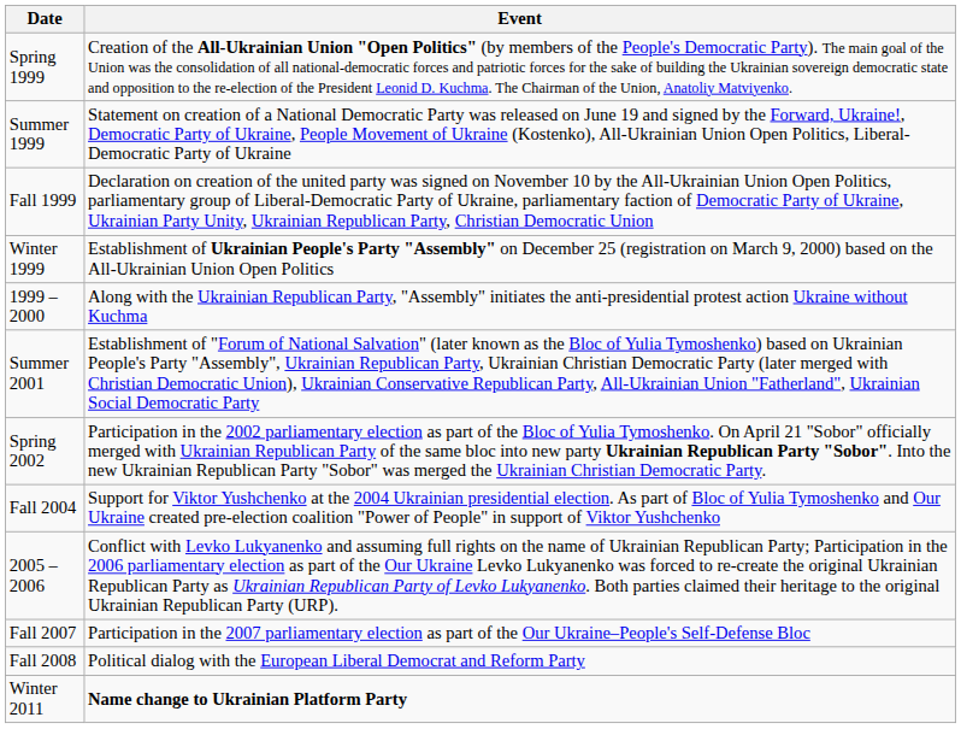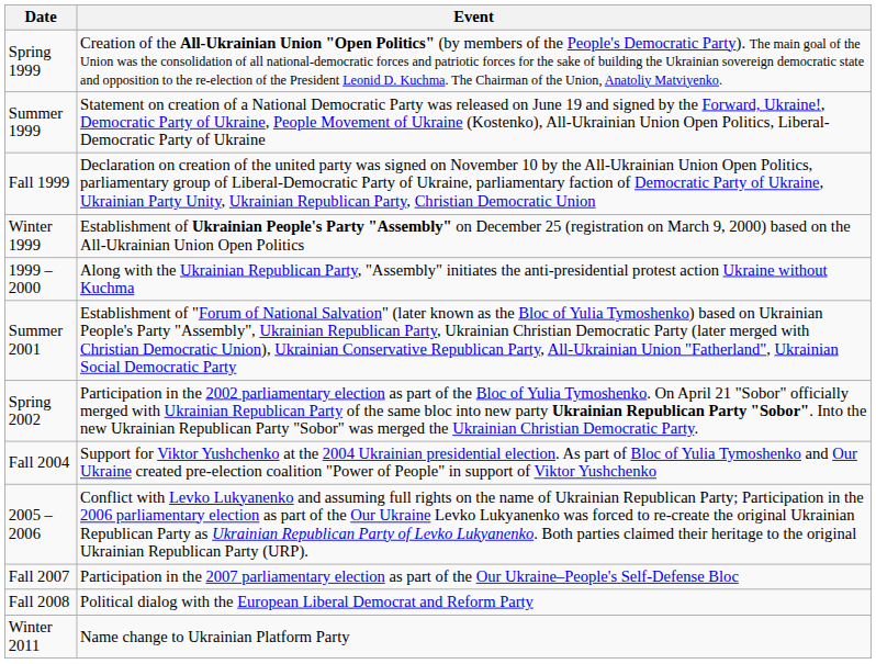 <table class="wikitable">
 <tr>
 <th>Date</th>
 <th>Event</th>
 </tr>
 <tr>
 <td>Spring 1999</td>
 <td>Creation of the <strong>All-Ukrainian Union "Open Politics"</strong> (by members of the <a href='#'>People's Democratic Party</a>). <small>The main goal of the Union was the consolidation of all national-democratic forces and patriotic forces for the sake of building the Ukrainian sovereign democratic state and opposition to the re-election of the President <a href='#'>Leonid D. Kuchma</a>. The Chairman of the Union, <a href='#'>Anatoliy Matviyenko</a>.</small></td>
 </tr>
 <tr>
 <td>Summer 1999</td>
 <td>Statement on creation of a National Democratic Party was released on June 19 and signed by the <a href='#'>Forward, Ukraine!</a>, <a href='#'>Democratic Party of Ukraine</a>, <a href='#'>People Movement of Ukraine</a> (Kostenko), All-Ukrainian Union Open Politics, Liberal-Democratic Party of Ukraine</td>
 </tr>
 <tr>
 <td>Fall 1999</td>
 <td>Declaration on creation of the united party was signed on November 10 by the All-Ukrainian Union Open Politics, parliamentary group of Liberal-Democratic Party of Ukraine, parliamentary faction of <a href='#'>Democratic Party of Ukraine</a>, <a href='#'>Ukrainian Party Unity</a>, <a href='#'>Ukrainian Republican Party</a>, <a href='#'>Christian Democratic Union</a></td>
 </tr>
 <tr>
 <td>Winter 1999</td>
 <td>Establishment of <strong>Ukrainian People's Party "Assembly"</strong> on December 25 (registration on March 9, 2000) based on the All-Ukrainian Union Open Politics</td>
 </tr>
 <tr>
 <td>1999 – 2000</td>
 <td>Along with the <a href='#'>Ukrainian Republican Party</a>, "Assembly" initiates the anti-presidential protest action <a href='#'>Ukraine without Kuchma</a></td>
 </tr>
 <tr>
 <td>Summer 2001</td>
 <td>Establishment of "<a href='#'>Forum of National Salvation</a>" (later known as the <a href='#'>Bloc of Yulia Tymoshenko</a>) based on Ukrainian People's Party "Assembly", <a href='#'>Ukrainian Republican Party</a>, Ukrainian Christian Democratic Party (later merged with <a href='#'>Christian Democratic Union</a>), <a href='#'>Ukrainian Conservative Republican Party</a>, <a href='#'>All-Ukrainian Union "Fatherland"</a>, <a href='#'>Ukrainian Social Democratic Party</a></td>
 </tr>
 <tr>
 <td>Spring 2002</td>
 <td>Participation in the <a href='#'>2002 parliamentary election</a> as part of the <a href='#'>Bloc of Yulia Tymoshenko</a>. On April 21 "Sobor" officially merged with <a href='#'>Ukrainian Republican Party</a> of the same bloc into new party <strong>Ukrainian Republican Party "Sobor"</strong>. Into the new Ukrainian Republican Party "Sobor" was merged the <a href='#'>Ukrainian Christian Democratic Party</a>.</td>
 </tr>
 <tr>
 <td>Fall 2004</td>
 <td>Support for <a href='#'>Viktor Yushchenko</a> at the <a href='#'>2004 Ukrainian presidential election</a>. As part of <a href='#'>Bloc of Yulia Tymoshenko</a> and <a href='#'>Our Ukraine</a> created pre-election coalition "Power of People" in support of <a href='#'>Viktor Yushchenko</a></td>
 </tr>
 <tr>
 <td>2005 – 2006</td>
 <td>Conflict with <a href='#'>Levko Lukyanenko</a> and assuming full rights on the name of Ukrainian Republican Party; Participation in the <a href='#'>2006 parliamentary election</a> as part of the <a href='#'>Our Ukraine</a> Levko Lukyanenko was forced to re-create the original Ukrainian Republican Party as <em><a href='#'>Ukrainian Republican Party of Levko Lukyanenko</a></em>. Both parties claimed their heritage to the original Ukrainian Republican Party (URP).</td>
 </tr>
 <tr>
 <td>Fall 2007</td>
 <td>Participation in the <a href='#'>2007 parliamentary election</a> as part of the <a href='#'>Our Ukraine–People's Self-Defense Bloc</a></td>
 </tr>
 <tr>
 <td>Fall 2008</td>
 <td>Political dialog with the <a href='#'>European Liberal Democrat and Reform Party</a></td>
 </tr>
 <tr>
 <td>Winter 2011</td>
-<td><strong>Name change to Ukrainian Platform Party</strong></td>
+<td>Name change to Ukrainian Platform Party</td>
 </tr>
 </table>
